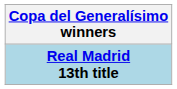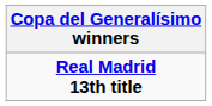 <table class="wikitable" style="text-align: center; margin: 0 auto;">
 <tr>
 <th><a href='#'>Copa del Generalísimo</a><br>winners</th>
 </tr>
 <tr>
-<td style="background: lightblue;"><strong><a href='#'>Real Madrid</a></strong><br><strong>13th title</strong></td>
+<td><strong><a href='#'>Real Madrid</a></strong><br><strong>13th title</strong></td>
 </tr>
 </table>
